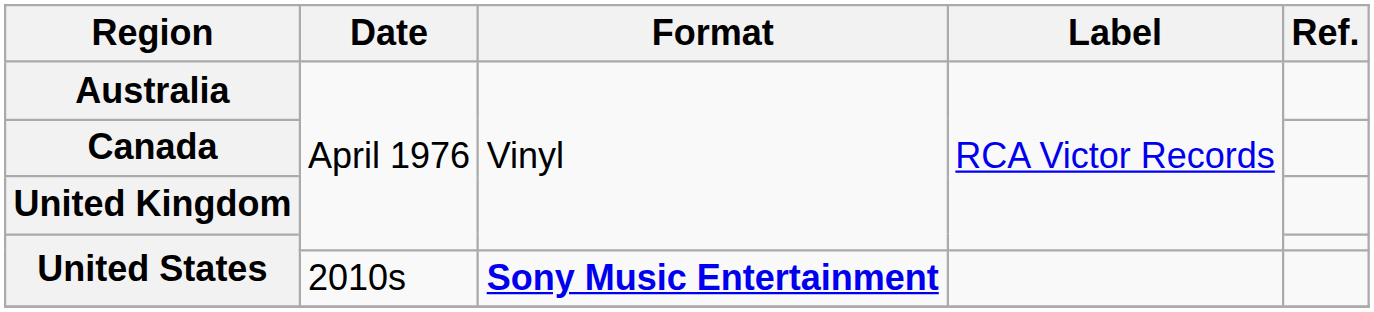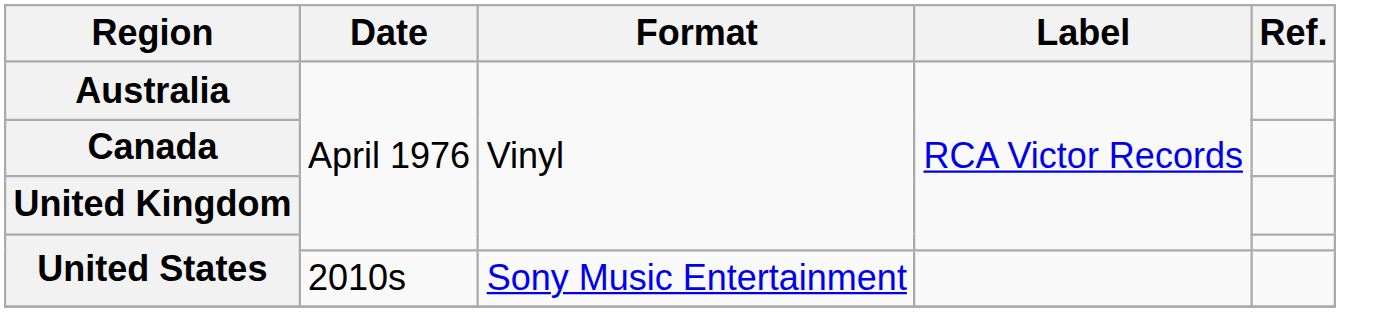 <table class="wikitable plainrowheaders">
 <tr>
 <th scope="col">Region</th>
 <th scope="col">Date</th>
 <th scope="col">Format</th>
 <th scope="col">Label</th>
 <th scope="col">Ref.</th>
 </tr>
 <tr>
 <th scope="row">Australia</th>
 <td rowspan="4">April 1976</td>
 <td rowspan="4">Vinyl</td>
 <td rowspan="4"><a href='#'>RCA Victor Records</a></td>
 <td></td>
 </tr>
 <tr>
 <th scope="row">Canada</th>
 <td></td>
 </tr>
 <tr>
 <th scope="row">United Kingdom</th>
 <td></td>
 </tr>
 <tr>
 <th scope="row" rowspan="2">United States</th>
 <td></td>
 </tr>
 <tr>
 <td>2010s</td>
-<td><strong><a href='#'>Sony Music Entertainment</a></strong></td>
+<td><a href='#'>Sony Music Entertainment</a></td>
 <td></td>
 <td></td>
 </tr>
 <tr>
 </tr>
 </table>
